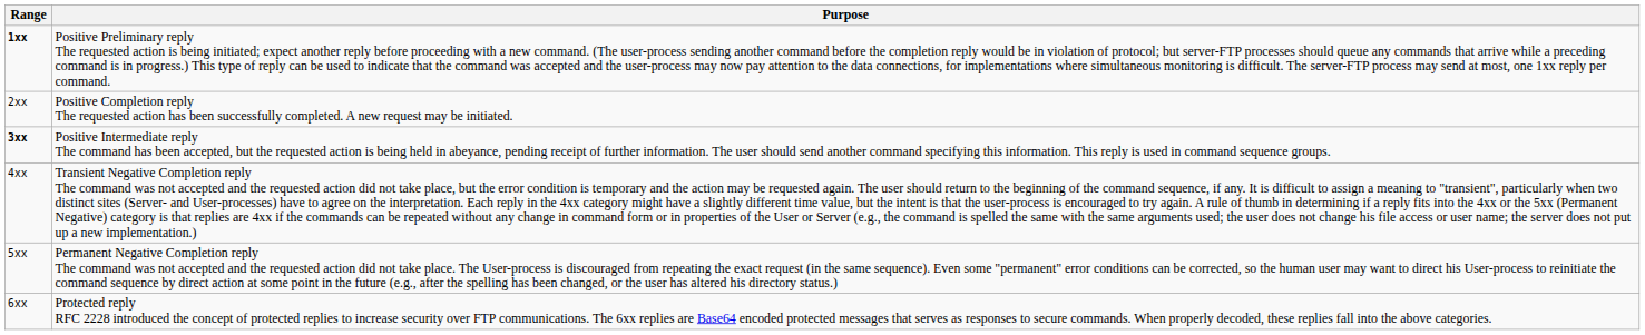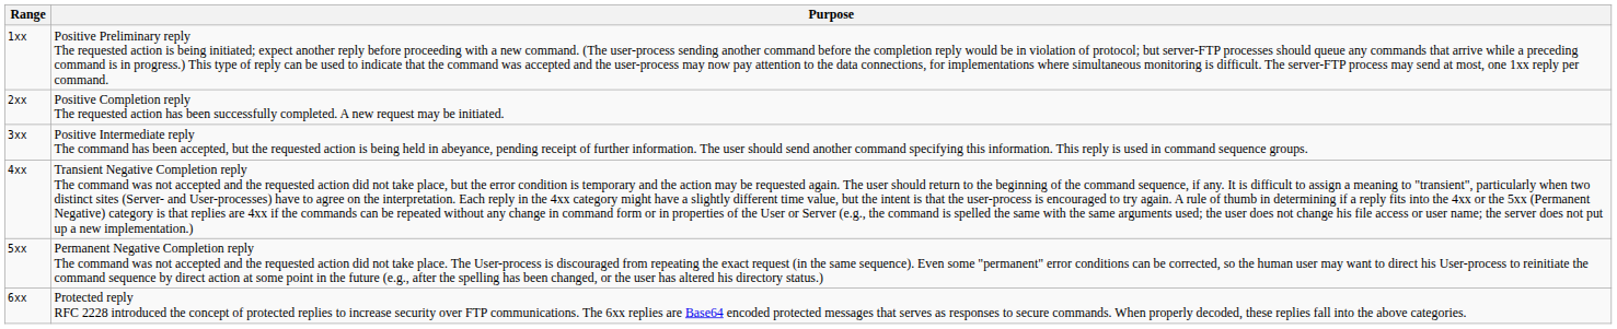 <table class="wikitable" style="width: 100%">
 <tr>
 <th style="width:50px">Range</th>
 <th>Purpose</th>
 </tr>
 <tr>
-<td valign="top"><strong><code>1xx</code></strong></td>
+<td valign="top"><code>1xx</code></td>
 <td>Positive Preliminary reply<br>The requested action is being initiated; expect another reply before proceeding with a new command.  (The user-process sending another command before the completion reply would be in violation of protocol; but server-FTP processes should queue any commands that arrive while a preceding command is in progress.)  This type of reply can be used to indicate that the command was accepted and the user-process may now pay attention to the data connections, for implementations where simultaneous monitoring is difficult.  The server-FTP process may send at most, one 1xx reply per command.</td>
 </tr>
 <tr>
 <td valign="top"><code>2xx</code></td>
 <td>Positive Completion reply<br>The requested action has been successfully completed.  A new request may be initiated.</td>
 </tr>
 <tr>
-<td valign="top"><strong><code>3xx</code></strong></td>
+<td valign="top"><code>3xx</code></td>
 <td>Positive Intermediate reply<br>The command has been accepted, but the requested action is being held in abeyance, pending receipt of further information.  The user should send another command specifying this information.  This reply is used in command sequence groups.</td>
 </tr>
 <tr>
 <td valign="top"><code>4xx</code></td>
 <td>Transient Negative Completion reply<br>The command was not accepted and the requested action did not take place, but the error condition is temporary and the action may be requested again.  The user should return to the beginning of the command sequence, if any. It is difficult to assign a meaning to "transient", particularly when two distinct sites (Server- and User-processes) have to agree on the interpretation. Each reply in the 4xx category might have a slightly different time value, but the intent is that the user-process is encouraged to try again.  A rule of thumb in determining if a reply fits into the 4xx or the 5xx (Permanent Negative) category is that replies are 4xx if the commands can be repeated without any change in command form or in properties of the User or Server (e.g., the command is spelled the same with the same arguments used; the user does not change his file access or user name; the server does not put up a new implementation.)</td>
 </tr>
 <tr>
 <td valign="top"><code>5xx</code></td>
 <td>Permanent Negative Completion reply<br>The command was not accepted and the requested action did not take place.  The User-process is discouraged from repeating the exact request (in the same sequence).  Even some "permanent" error conditions can be corrected, so the human user may want to direct his User-process to reinitiate the command sequence by direct action at some point in the future (e.g., after the spelling has been changed, or the user has altered his directory status.)</td>
 </tr>
 <tr>
 <td valign="top"><code>6xx</code></td>
 <td>Protected reply<br>RFC 2228 introduced the concept of protected replies to increase security over FTP communications. The 6xx replies are <a href='#'>Base64</a> encoded protected messages that serves as responses to secure commands. When properly decoded, these replies fall into the above categories.</td>
 </tr>
 </table>
